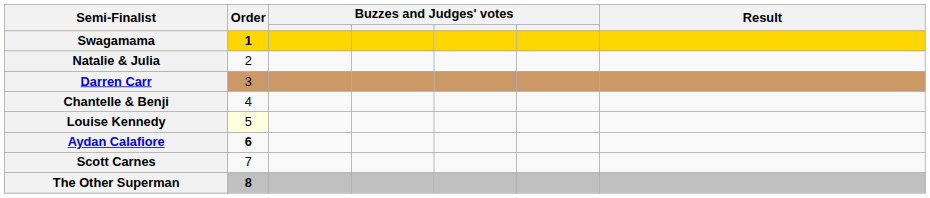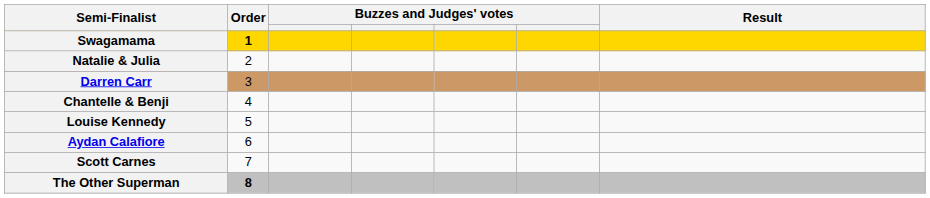 <table class="wikitable plainrowheaders sortable" style="text-align:center;">
 <tr>
 <th scope="col" rowspan="2" class="unsortable" style="width:17em;">Semi-Finalist</th>
 <th scope="col" rowspan="2" style="width:1em;">Order</th>
 <th scope="col" colspan="4" class="unsortable" style="width:24em;">Buzzes and Judges' votes</th>
 <th scope="col" rowspan="2" style="width:25em;">Result</th>
 </tr>
 <tr>
 <th scope="col" class="unsortable" style="width:6em;"></th>
 <th scope="col" class="unsortable" style="width:6em;"></th>
 <th scope="col" class="unsortable" style="width:6em;"></th>
 <th scope="col" class="unsortable" style="width:6em;"></th>
 </tr>
 <tr style="background:gold;">
 <th scope="row"><strong>Swagamama</strong></th>
 <td><strong>1</strong></td>
 <td style="text-align:center;"></td>
 <td style="text-align:center;"></td>
 <td style="text-align:center;"></td>
 <td style="text-align:center;"></td>
 <td><strong></strong></td>
 </tr>
 <tr>
 <th scope="row">Natalie & Julia</th>
 <td>2</td>
 <td style="text-align:center;"></td>
 <td style="text-align:center;"></td>
 <td style="text-align:center;"></td>
 <td style="text-align:center;"></td>
 <td></td>
 </tr>
 <tr style="background:#c96;">
 <th scope="row"><a href='#'>Darren Carr</a></th>
 <td>3</td>
 <td style="text-align:center;"></td>
 <td style="text-align:center;"></td>
 <td style="text-align:center;"></td>
 <td style="text-align:center;"></td>
 <td></td>
 </tr>
 <tr>
 <th scope="row">Chantelle & Benji</th>
 <td>4</td>
 <td style="text-align:center;"></td>
 <td style="text-align:center;"></td>
 <td style="text-align:center;"></td>
 <td style="text-align:center;"></td>
 <td></td>
 </tr>
 <tr>
 <th scope="row">Louise Kennedy</th>
-<td style="background: lightyellow;">5</td>
+<td>5</td>
 <td style="text-align:center;"></td>
 <td style="text-align:center;"></td>
 <td style="text-align:center;"></td>
 <td style="text-align:center;"></td>
 <td></td>
 </tr>
 <tr>
 <th scope="row"><a href='#'>Aydan Calafiore</a></th>
-<td><strong>6</strong></td>
+<td>6</td>
 <td style="text-align:center;"></td>
 <td style="text-align:center;"></td>
 <td style="text-align:center;"></td>
 <td style="text-align:center;"></td>
 <td></td>
 </tr>
 <tr>
 <th scope="row">Scott Carnes</th>
 <td>7</td>
 <td style="text-align:center;"></td>
 <td style="text-align:center;"></td>
 <td style="text-align:center;"></td>
 <td style="text-align:center;"></td>
 <td></td>
 </tr>
 <tr style="background:silver;">
 <th scope="row"><strong>The Other Superman</strong></th>
 <td><strong>8</strong></td>
 <td style="text-align:center;"></td>
 <td style="text-align:center;"></td>
 <td style="text-align:center;"></td>
 <td style="text-align:center;"></td>
 <td><strong></strong></td>
 </tr>
 </table>
